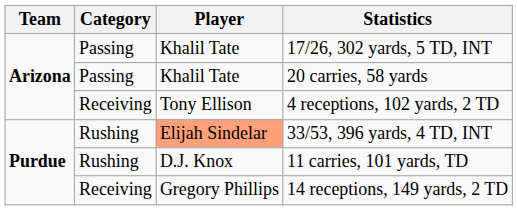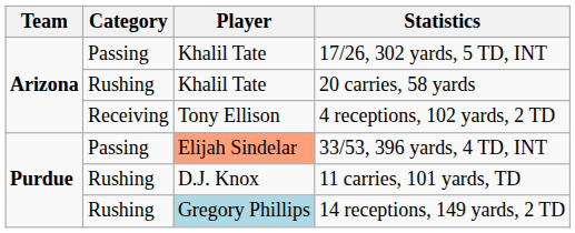 <table class="wikitable" style="float: right;">
 <tr>
 <th>Team</th>
 <th>Category</th>
 <th>Player</th>
 <th>Statistics</th>
 </tr>
 <tr>
 <td rowspan=3><strong>Arizona</strong></td>
 <td>Passing</td>
 <td>Khalil Tate</td>
 <td>17/26, 302 yards, 5 TD, INT</td>
 </tr>
 <tr>
-<td>Passing</td>
+<td>Rushing</td>
 <td>Khalil Tate</td>
 <td>20 carries, 58 yards</td>
 </tr>
 <tr>
 <td>Receiving</td>
 <td>Tony Ellison</td>
 <td>4 receptions, 102 yards, 2 TD</td>
 </tr>
 <tr>
 <td rowspan=3><strong>Purdue</strong></td>
-<td>Rushing</td>
+<td>Passing</td>
 <td style="background: lightsalmon;">Elijah Sindelar</td>
 <td>33/53, 396 yards, 4 TD, INT</td>
 </tr>
 <tr>
 <td>Rushing</td>
 <td>D.J. Knox</td>
 <td>11 carries, 101 yards, TD</td>
 </tr>
 <tr>
-<td>Receiving</td>
-<td>Gregory Phillips</td>
+<td>Rushing</td>
+<td style="background: lightblue;">Gregory Phillips</td>
 <td>14 receptions, 149 yards, 2 TD</td>
 </tr>
 </table>
